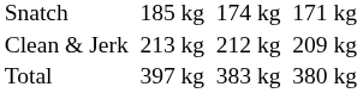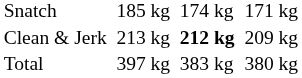 <table>
 <tr>
 <td>Snatch</td>
 <td></td>
 <td>185 kg</td>
 <td></td>
 <td>174 kg</td>
 <td></td>
 <td>171 kg</td>
 </tr>
 <tr>
 <td>Clean & Jerk</td>
 <td></td>
 <td>213 kg</td>
 <td></td>
-<td>212 kg</td>
+<td><strong>212 kg</strong></td>
 <td></td>
 <td>209 kg</td>
 </tr>
 <tr>
 <td>Total</td>
 <td></td>
 <td>397 kg</td>
 <td></td>
 <td>383 kg</td>
 <td></td>
 <td>380 kg</td>
 </tr>
 </table>
